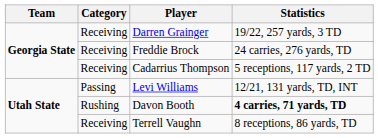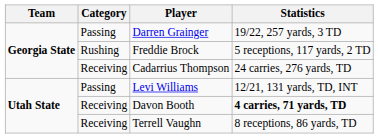 <table class="wikitable" style="float: right;">
 <tr>
 <th>Team</th>
 <th>Category</th>
 <th>Player</th>
 <th>Statistics</th>
 </tr>
 <tr>
 <td rowspan=3><strong>Georgia State</strong></td>
-<td>Receiving</td>
+<td>Passing</td>
 <td><a href='#'>Darren Grainger</a></td>
 <td>19/22, 257 yards, 3 TD</td>
 </tr>
 <tr>
-<td>Receiving</td>
+<td>Rushing</td>
 <td>Freddie Brock</td>
-<td>24 carries, 276 yards, TD</td>
+<td>5 receptions, 117 yards, 2 TD</td>
 </tr>
 <tr>
 <td>Receiving</td>
 <td>Cadarrius Thompson</td>
-<td>5 receptions, 117 yards, 2 TD</td>
+<td>24 carries, 276 yards, TD</td>
 </tr>
 <tr>
 <td rowspan=3><strong>Utah State</strong></td>
 <td>Passing</td>
 <td><a href='#'>Levi Williams</a></td>
 <td>12/21, 131 yards, TD, INT</td>
 </tr>
 <tr>
-<td>Rushing</td>
+<td>Receiving</td>
 <td>Davon Booth</td>
 <td><strong>4 carries, 71 yards, TD</strong></td>
 </tr>
 <tr>
 <td>Receiving</td>
 <td>Terrell Vaughn</td>
 <td>8 receptions, 86 yards, TD</td>
 </tr>
 </table>
